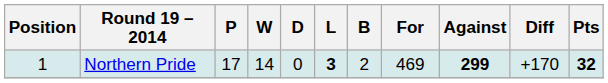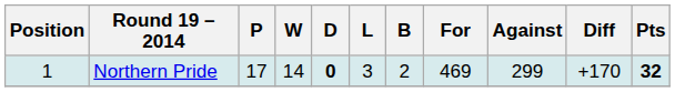 <table class="wikitable" style="text-align:center; font-size:85%;">
 <tr>
 <th width=40 abbr="Position">Position</th>
 <th width=100>Round 19 – 2014</th>
 <th width=20 abbr="Played">P</th>
 <th width=20 abbr="Won">W</th>
 <th width=20 abbr="Drawn">D</th>
 <th width=20 abbr="Lost">L</th>
 <th width=20 abbr="Bye">B</th>
 <th width=40 abbr="Points for">For</th>
 <th width=40 abbr="Points against">Against</th>
 <th width=40 abbr="Points difference">Diff</th>
 <th width=20 abbr="Points">Pts</th>
 </tr>
 <tr style="background: #d7ebed;">
 <td>1</td>
 <td style="text-align:left;"> <a href='#'>Northern Pride</a></td>
 <td>17</td>
 <td>14</td>
-<td>0</td>
-<td><strong>3</strong></td>
+<td><strong>0</strong></td>
+<td>3</td>
 <td>2</td>
 <td>469</td>
-<td><strong>299</strong></td>
+<td>299</td>
 <td>+170</td>
 <td><strong>32</strong></td>
 </tr>
 <tr>
 </tr>
 </table>
